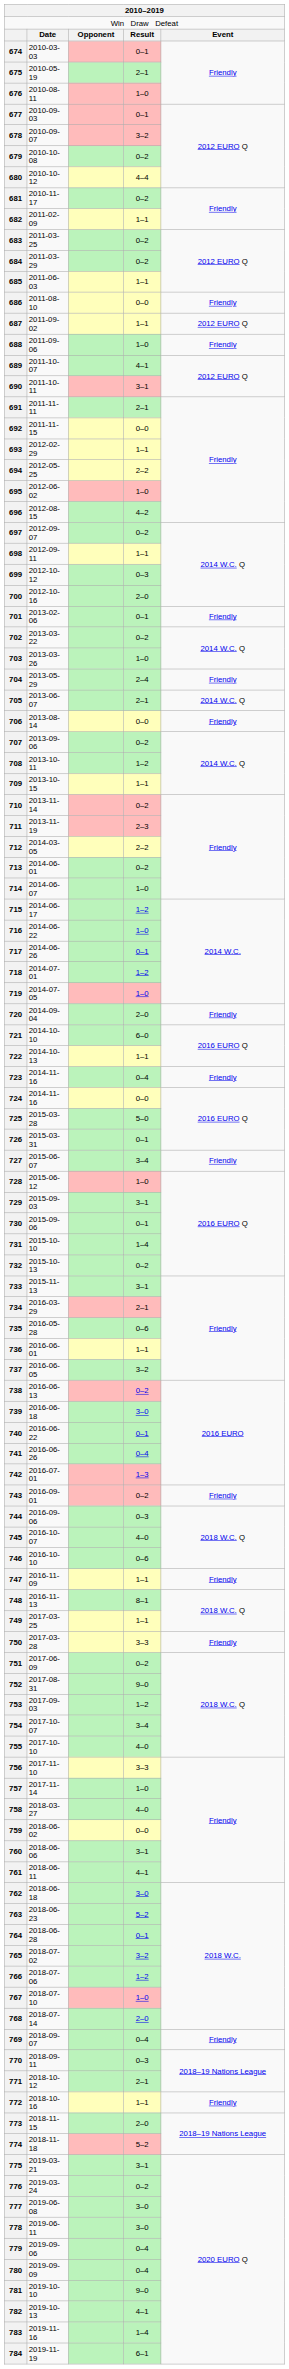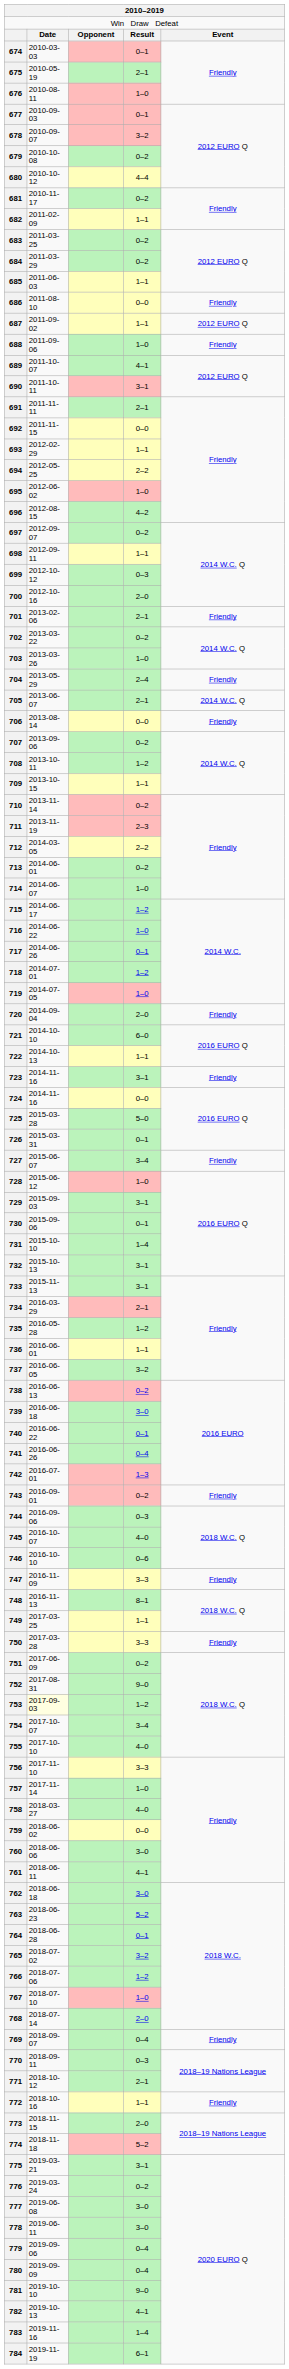 <table class="wikitable collapsible" style="font-size: 90%; min-width: 520px">
 <tr>
 <th colspan="5" width="400">2010–2019</th>
 </tr>
 <tr>
 <td align="center" colspan="5"> Win   Draw   Defeat</td>
 </tr>
 <tr>
 <th></th>
 <th width=70>Date</th>
 <th>Opponent</th>
 <th>Result</th>
 <th>Event</th>
 </tr>
 <tr>
 <th>674</th>
 <td>2010-03-03</td>
 <td bgcolor="#ffbbbb"></td>
 <td bgcolor="#ffbbbb" align="center">0–1</td>
 <td align="center" rowspan="3"><a href='#'>Friendly</a></td>
 </tr>
 <tr>
 <th>675</th>
 <td>2010-05-19</td>
 <td bgcolor="#bbf3bb"></td>
 <td bgcolor="#bbf3bb" align="center">2–1</td>
 </tr>
 <tr>
 <th>676</th>
 <td>2010-08-11</td>
 <td bgcolor="#ffbbbb"></td>
 <td bgcolor="#ffbbbb" align="center">1–0</td>
 </tr>
 <tr>
 <th>677</th>
 <td>2010-09-03</td>
 <td bgcolor="#ffbbbb"></td>
 <td bgcolor="#ffbbbb" align="center">0–1</td>
 <td align="center" rowspan="4">  <a href='#'>2012 EURO</a> Q</td>
 </tr>
 <tr>
 <th>678</th>
 <td>2010-09-07</td>
 <td bgcolor="#ffbbbb"></td>
 <td bgcolor="#ffbbbb" align="center">3–2</td>
 </tr>
 <tr>
 <th>679</th>
 <td>2010-10-08</td>
 <td bgcolor="#bbf3bb"></td>
 <td bgcolor="#bbf3bb" align="center">0–2</td>
 </tr>
 <tr>
 <th>680</th>
 <td>2010-10-12</td>
 <td bgcolor="#ffffbb"></td>
 <td bgcolor="#ffffbb" align="center">4–4</td>
 </tr>
 <tr>
 <th>681</th>
 <td>2010-11-17</td>
 <td bgcolor="#bbf3bb"></td>
 <td bgcolor="#bbf3bb" align="center">0–2</td>
 <td align="center" rowspan="2"><a href='#'>Friendly</a></td>
 </tr>
 <tr>
 <th>682</th>
 <td>2011-02-09</td>
 <td bgcolor="#ffffbb"></td>
 <td bgcolor="#ffffbb" align="center">1–1</td>
 </tr>
 <tr>
 <th>683</th>
 <td>2011-03-25</td>
 <td bgcolor="#bbf3bb"></td>
 <td bgcolor="#bbf3bb" align="center">0–2</td>
 <td align="center" rowspan="3">  <a href='#'>2012 EURO</a> Q</td>
 </tr>
 <tr>
 <th>684</th>
 <td>2011-03-29</td>
 <td bgcolor="#bbf3bb"></td>
 <td bgcolor="#bbf3bb" align="center">0–2</td>
 </tr>
 <tr>
 <th>685</th>
 <td>2011-06-03</td>
 <td bgcolor="#ffffbb"></td>
 <td bgcolor="#ffffbb" align="center">1–1</td>
 </tr>
 <tr>
 <th>686</th>
 <td>2011-08-10</td>
 <td bgcolor="#ffffbb"></td>
 <td bgcolor="#ffffbb" align="center">0–0</td>
 <td align="center"><a href='#'>Friendly</a></td>
 </tr>
 <tr>
 <th>687</th>
 <td>2011-09-02</td>
 <td bgcolor="#ffffbb"></td>
 <td bgcolor="#ffffbb" align="center">1–1</td>
 <td align="center">  <a href='#'>2012 EURO</a> Q</td>
 </tr>
 <tr>
 <th>688</th>
 <td>2011-09-06</td>
 <td bgcolor="#bbf3bb"></td>
 <td bgcolor="#bbf3bb" align="center">1–0</td>
 <td align="center"><a href='#'>Friendly</a></td>
 </tr>
 <tr>
 <th>689</th>
 <td>2011-10-07</td>
 <td bgcolor="#bbf3bb"></td>
 <td bgcolor="#bbf3bb" align="center">4–1</td>
 <td align="center" rowspan="2">  <a href='#'>2012 EURO</a> Q</td>
 </tr>
 <tr>
 <th>690</th>
 <td>2011-10-11</td>
 <td bgcolor="#ffbbbb"></td>
 <td bgcolor="#ffbbbb" align="center">3–1</td>
 </tr>
 <tr>
 <th>691</th>
 <td>2011-11-11</td>
 <td bgcolor="#bbf3bb"></td>
 <td bgcolor="#bbf3bb" align="center">2–1</td>
 <td align="center" rowspan="6"><a href='#'>Friendly</a></td>
 </tr>
 <tr>
 <th>692</th>
 <td>2011-11-15</td>
 <td bgcolor="#ffffbb"></td>
 <td bgcolor="#ffffbb" align="center">0–0</td>
 </tr>
 <tr>
 <th>693</th>
 <td>2012-02-29</td>
 <td bgcolor="#ffffbb"></td>
 <td bgcolor="#ffffbb" align="center">1–1</td>
 </tr>
 <tr>
 <th>694</th>
 <td>2012-05-25</td>
 <td bgcolor="#ffffbb"></td>
 <td bgcolor="#ffffbb" align="center">2–2</td>
 </tr>
 <tr>
 <th>695</th>
 <td>2012-06-02</td>
 <td bgcolor="#ffbbbb"></td>
 <td bgcolor="#ffbbbb" align="center">1–0</td>
 </tr>
 <tr>
 <th>696</th>
 <td>2012-08-15</td>
 <td bgcolor="#bbf3bb"></td>
 <td bgcolor="#bbf3bb" align="center">4–2</td>
 </tr>
 <tr>
 <th>697</th>
 <td>2012-09-07</td>
 <td bgcolor="#bbf3bb"></td>
 <td bgcolor="#bbf3bb" align="center">0–2</td>
 <td align="center" rowspan="4"> <a href='#'>2014 W.C.</a> Q</td>
 </tr>
 <tr>
 <th>698</th>
 <td>2012-09-11</td>
 <td bgcolor="#ffffbb"></td>
 <td bgcolor="#ffffbb" align="center">1–1</td>
 </tr>
 <tr>
 <th>699</th>
 <td>2012-10-12</td>
 <td bgcolor="#bbf3bb"></td>
 <td bgcolor="#bbf3bb" align="center">0–3</td>
 </tr>
 <tr>
 <th>700</th>
 <td>2012-10-16</td>
 <td bgcolor="#bbf3bb"></td>
 <td bgcolor="#bbf3bb" align="center">2–0</td>
 </tr>
 <tr>
 <th>701</th>
 <td>2013-02-06</td>
 <td bgcolor="#bbf3bb"></td>
-<td bgcolor="#bbf3bb" align="center">0–1</td>
+<td bgcolor="#bbf3bb" align="center">2–1</td>
 <td align="center" rowspan="1"><a href='#'>Friendly</a></td>
 </tr>
 <tr>
 <th>702</th>
 <td>2013-03-22</td>
 <td bgcolor="#bbf3bb"></td>
 <td bgcolor="#bbf3bb" align="center">0–2</td>
 <td align="center" rowspan="2"> <a href='#'>2014 W.C.</a> Q</td>
 </tr>
 <tr>
 <th>703</th>
 <td>2013-03-26</td>
 <td bgcolor="#bbf3bb"></td>
 <td bgcolor="#bbf3bb" align="center">1–0</td>
 </tr>
 <tr>
 <th>704</th>
 <td>2013-05-29</td>
 <td bgcolor="#bbf3bb"></td>
 <td bgcolor="#bbf3bb" align="center">2–4</td>
 <td align="center"><a href='#'>Friendly</a></td>
 </tr>
 <tr>
 <th>705</th>
 <td>2013-06-07</td>
 <td bgcolor="#bbf3bb"></td>
 <td bgcolor="#bbf3bb" align="center">2–1</td>
 <td align="center"> <a href='#'>2014 W.C.</a> Q</td>
 </tr>
 <tr>
 <th>706</th>
 <td>2013-08-14</td>
 <td bgcolor="#ffffbb"></td>
 <td bgcolor="#ffffbb" align="center">0–0</td>
 <td align="center"><a href='#'>Friendly</a></td>
 </tr>
 <tr>
 <th>707</th>
 <td>2013-09-06</td>
 <td bgcolor="#bbf3bb"></td>
 <td bgcolor="#bbf3bb" align="center">0–2</td>
 <td align="center" rowspan="3"> <a href='#'>2014 W.C.</a> Q</td>
 </tr>
 <tr>
 <th>708</th>
 <td>2013-10-11</td>
 <td bgcolor="#bbf3bb"></td>
 <td bgcolor="#bbf3bb" align="center">1–2</td>
 </tr>
 <tr>
 <th>709</th>
 <td>2013-10-15</td>
 <td bgcolor="#ffffbb"></td>
 <td bgcolor="#ffffbb" align="center">1–1</td>
 </tr>
 <tr>
 <th>710</th>
 <td>2013-11-14</td>
 <td bgcolor="#ffbbbb"></td>
 <td bgcolor="#ffbbbb" align="center">0–2</td>
 <td align="center" rowspan="5"><a href='#'>Friendly</a></td>
 </tr>
 <tr>
 <th>711</th>
 <td>2013-11-19</td>
 <td bgcolor="#ffbbbb"></td>
 <td bgcolor="#ffbbbb" align="center">2–3</td>
 </tr>
 <tr>
 <th>712</th>
 <td>2014-03-05</td>
 <td bgcolor="#ffffbb"></td>
 <td bgcolor="#ffffbb" align="center">2–2</td>
 </tr>
 <tr>
 <th>713</th>
 <td>2014-06-01</td>
 <td bgcolor="#bbf3bb"></td>
 <td bgcolor="#bbf3bb" align="center">0–2</td>
 </tr>
 <tr>
 <th>714</th>
 <td>2014-06-07</td>
 <td bgcolor="#bbf3bb"></td>
 <td bgcolor="#bbf3bb" align="center">1–0</td>
 </tr>
 <tr>
 <th>715</th>
 <td>2014-06-17</td>
 <td bgcolor="#bbf3bb"></td>
 <td bgcolor="#bbf3bb" align="center"><a href='#'>1–2</a></td>
 <td align="center" rowspan="5"> <a href='#'>2014 W.C.</a></td>
 </tr>
 <tr>
 <th>716</th>
 <td>2014-06-22</td>
 <td bgcolor="#bbf3bb"></td>
 <td bgcolor="#bbf3bb" align="center"><a href='#'>1–0</a></td>
 </tr>
 <tr>
 <th>717</th>
 <td>2014-06-26</td>
 <td bgcolor="#bbf3bb"></td>
 <td bgcolor="#bbf3bb" align="center"><a href='#'>0–1</a></td>
 </tr>
 <tr>
 <th>718</th>
 <td>2014-07-01</td>
 <td bgcolor="#bbf3bb"></td>
 <td bgcolor="#bbf3bb" align="center"><a href='#'>1–2</a></td>
 </tr>
 <tr>
 <th>719</th>
 <td>2014-07-05</td>
 <td bgcolor="#ffbbbb"></td>
 <td bgcolor="#ffbbbb" align="center"><a href='#'>1–0</a></td>
 </tr>
 <tr>
 <th>720</th>
 <td>2014-09-04</td>
 <td bgcolor="#bbf3bb"></td>
 <td bgcolor="#bbf3bb" align="center">2–0</td>
 <td align="center"><a href='#'>Friendly</a></td>
 </tr>
 <tr>
 <th>721</th>
 <td>2014-10-10</td>
 <td bgcolor="#bbf3bb"></td>
 <td bgcolor="#bbf3bb" align="center">6–0</td>
 <td align="center" rowspan="2"> <a href='#'>2016 EURO</a> Q</td>
 </tr>
 <tr>
 <th>722</th>
 <td>2014-10-13</td>
 <td bgcolor="#ffffbb"></td>
 <td bgcolor="#ffffbb" align="center">1–1</td>
 </tr>
 <tr>
 <th>723</th>
 <td>2014-11-16</td>
 <td bgcolor="#bbf3bb"></td>
-<td bgcolor="#bbf3bb" align="center">0–4</td>
+<td bgcolor="#bbf3bb" align="center">3–1</td>
 <td align="center"><a href='#'>Friendly</a></td>
 </tr>
 <tr>
 <th>724</th>
 <td>2014-11-16</td>
 <td bgcolor="#ffffbb"></td>
 <td bgcolor="#ffffbb" align="center">0–0</td>
 <td align="center" rowspan="3"> <a href='#'>2016 EURO</a> Q</td>
 </tr>
 <tr>
 <th>725</th>
 <td>2015-03-28</td>
 <td bgcolor="#bbf3bb"></td>
 <td bgcolor="#bbf3bb" align="center">5–0</td>
 </tr>
 <tr>
 <th>726</th>
 <td>2015-03-31</td>
 <td bgcolor="#bbf3bb"></td>
 <td bgcolor="#bbf3bb" align="center">0–1</td>
 </tr>
 <tr>
 <th>727</th>
 <td>2015-06-07</td>
 <td bgcolor="#bbf3bb"></td>
 <td bgcolor="#bbf3bb" align="center">3–4</td>
 <td align="center"><a href='#'>Friendly</a></td>
 </tr>
 <tr>
 <th>728</th>
 <td>2015-06-12</td>
 <td bgcolor="#ffbbbb"></td>
 <td bgcolor="#ffbbbb" align="center">1–0</td>
 <td align="center" rowspan="5"> <a href='#'>2016 EURO</a> Q</td>
 </tr>
 <tr>
 <th>729</th>
 <td>2015-09-03</td>
 <td bgcolor="#bbf3bb"></td>
 <td bgcolor="#bbf3bb" align="center">3–1</td>
 </tr>
 <tr>
 <th>730</th>
 <td>2015-09-06</td>
 <td bgcolor="#bbf3bb"></td>
 <td bgcolor="#bbf3bb" align="center">0–1</td>
 </tr>
 <tr>
 <th>731</th>
 <td>2015-10-10</td>
 <td bgcolor="#bbf3bb"></td>
 <td bgcolor="#bbf3bb" align="center">1–4</td>
 </tr>
 <tr>
 <th>732</th>
 <td>2015-10-13</td>
 <td bgcolor="#bbf3bb"></td>
-<td bgcolor="#bbf3bb" align="center">0–2</td>
+<td bgcolor="#bbf3bb" align="center">3–1</td>
 </tr>
 <tr>
 <th>733</th>
 <td>2015-11-13</td>
 <td bgcolor="#bbf3bb"></td>
 <td bgcolor="#bbf3bb" align="center">3–1</td>
 <td align="center" rowspan="5"><a href='#'>Friendly</a></td>
 </tr>
 <tr>
 <th>734</th>
 <td>2016-03-29</td>
 <td bgcolor="#ffbbbb"></td>
 <td bgcolor="#ffbbbb" align="center">2–1</td>
 </tr>
 <tr>
 <th>735</th>
 <td>2016-05-28</td>
 <td bgcolor="#bbf3bb"></td>
-<td bgcolor="#bbf3bb" align="center">0–6</td>
+<td bgcolor="#bbf3bb" align="center">1–2</td>
 </tr>
 <tr>
 <th>736</th>
 <td>2016-06-01</td>
 <td bgcolor="#ffffbb"></td>
 <td bgcolor="#ffffbb" align="center">1–1</td>
 </tr>
 <tr>
 <th>737</th>
 <td>2016-06-05</td>
 <td bgcolor="#bbf3bb"></td>
 <td bgcolor="#bbf3bb" align="center">3–2</td>
 </tr>
 <tr>
 <th>738</th>
 <td>2016-06-13</td>
 <td bgcolor="#ffbbbb"></td>
 <td bgcolor="#ffbbbb" align="center"><a href='#'>0–2</a></td>
 <td align="center" rowspan="5"> <a href='#'>2016 EURO</a></td>
 </tr>
 <tr>
 <th>739</th>
 <td>2016-06-18</td>
 <td bgcolor="#bbf3bb"></td>
 <td bgcolor="#bbf3bb" align="center"><a href='#'>3–0</a></td>
 </tr>
 <tr>
 <th>740</th>
 <td>2016-06-22</td>
 <td bgcolor="#bbf3bb"></td>
 <td bgcolor="#bbf3bb" align="center"><a href='#'>0–1</a></td>
 </tr>
 <tr>
 <th>741</th>
 <td>2016-06-26</td>
 <td bgcolor="#bbf3bb"></td>
 <td bgcolor="#bbf3bb" align="center"><a href='#'>0–4</a></td>
 </tr>
 <tr>
 <th>742</th>
 <td>2016-07-01</td>
 <td bgcolor="#ffbbbb"></td>
 <td bgcolor="#ffbbbb" align="center"><a href='#'>1–3</a></td>
 </tr>
 <tr>
 <th>743</th>
 <td>2016-09-01</td>
 <td bgcolor="#ffbbbb"></td>
 <td bgcolor="#ffbbbb" align="center">0–2</td>
 <td align="center"><a href='#'>Friendly</a></td>
 </tr>
 <tr>
 <th>744</th>
 <td>2016-09-06</td>
 <td bgcolor="#bbf3bb"></td>
 <td bgcolor="#bbf3bb" align="center">0–3</td>
 <td align="center" rowspan="3"> <a href='#'>2018 W.C.</a> Q</td>
 </tr>
 <tr>
 <th>745</th>
 <td>2016-10-07</td>
 <td bgcolor="#bbf3bb"></td>
 <td bgcolor="#bbf3bb" align="center">4–0</td>
 </tr>
 <tr>
 <th>746</th>
 <td>2016-10-10</td>
 <td bgcolor="#bbf3bb"></td>
 <td bgcolor="#bbf3bb" align="center">0–6</td>
 </tr>
 <tr>
 <th>747</th>
 <td>2016-11-09</td>
 <td bgcolor="#ffffbb"></td>
-<td bgcolor="#ffffbb" align="center">1–1</td>
+<td bgcolor="#ffffbb" align="center">3–3</td>
 <td align="center" rowspan="1"><a href='#'>Friendly</a></td>
 </tr>
 <tr>
 <th>748</th>
 <td>2016-11-13</td>
 <td bgcolor="#bbf3bb"></td>
 <td bgcolor="#bbf3bb" align="center">8–1</td>
 <td align="center" rowspan="2"> <a href='#'>2018 W.C.</a> Q</td>
 </tr>
 <tr>
 <th>749</th>
 <td>2017-03-25</td>
 <td bgcolor="#ffffbb"></td>
 <td bgcolor="#ffffbb" align="center">1–1</td>
 </tr>
 <tr>
 <th>750</th>
 <td>2017-03-28</td>
 <td bgcolor="#ffffbb"></td>
 <td bgcolor="#ffffbb" align="center">3–3</td>
 <td align="center"><a href='#'>Friendly</a></td>
 </tr>
 <tr>
 <th>751</th>
 <td>2017-06-09</td>
 <td bgcolor="#bbf3bb"></td>
 <td bgcolor="#bbf3bb" align="center">0–2</td>
 <td align="center" rowspan="5"> <a href='#'>2018 W.C.</a> Q</td>
 </tr>
 <tr>
 <th>752</th>
 <td>2017-08-31</td>
 <td bgcolor="#bbf3bb"></td>
 <td bgcolor="#bbf3bb" align="center">9–0</td>
 </tr>
 <tr>
 <th>753</th>
-<td>2017-09-03</td>
+<td style="background: lightyellow;">2017-09-03</td>
 <td bgcolor="#bbf3bb"></td>
 <td bgcolor="#bbf3bb" align="center">1–2</td>
 </tr>
 <tr>
 <th>754</th>
 <td>2017-10-07</td>
 <td bgcolor="#bbf3bb"></td>
 <td bgcolor="#bbf3bb" align="center">3–4</td>
 </tr>
 <tr>
 <th>755</th>
 <td>2017-10-10</td>
 <td bgcolor="#bbf3bb"></td>
 <td bgcolor="#bbf3bb" align="center">4–0</td>
 </tr>
 <tr>
 <th>756</th>
 <td>2017-11-10</td>
 <td bgcolor="#ffffbb"></td>
 <td bgcolor="#ffffbb" align="center">3–3</td>
 <td align="center" rowspan="6"><a href='#'>Friendly</a></td>
 </tr>
 <tr>
 <th>757</th>
 <td>2017-11-14</td>
 <td bgcolor="#bbf3bb"></td>
 <td bgcolor="#bbf3bb" align="center">1–0</td>
 </tr>
 <tr>
 <th>758</th>
 <td>2018-03-27</td>
 <td bgcolor="#bbf3bb"></td>
 <td bgcolor="#bbf3bb" align="center">4–0</td>
 </tr>
 <tr>
 <th>759</th>
 <td>2018-06-02</td>
 <td bgcolor="#ffffbb"></td>
 <td bgcolor="#ffffbb" align="center">0–0</td>
 </tr>
 <tr>
 <th>760</th>
 <td>2018-06-06</td>
 <td bgcolor="#bbf3bb"></td>
-<td bgcolor="#bbf3bb" align="center">3–1</td>
+<td bgcolor="#bbf3bb" align="center">3–0</td>
 </tr>
 <tr>
 <th>761</th>
 <td>2018-06-11</td>
 <td bgcolor="#bbf3bb"></td>
 <td bgcolor="#bbf3bb" align="center">4–1</td>
 </tr>
 <tr>
 <th>762</th>
 <td>2018-06-18</td>
 <td bgcolor="#bbf3bb"></td>
 <td bgcolor="#bbf3bb" align="center"><a href='#'>3–0</a></td>
 <td align="center" rowspan="7"> <a href='#'>2018 W.C.</a></td>
 </tr>
 <tr>
 <th>763</th>
 <td>2018-06-23</td>
 <td bgcolor="#bbf3bb"></td>
 <td bgcolor="#bbf3bb" align="center"><a href='#'>5–2</a></td>
 </tr>
 <tr>
 <th>764</th>
 <td>2018-06-28</td>
 <td bgcolor="#bbf3bb"></td>
 <td bgcolor="#bbf3bb" align="center"><a href='#'>0–1</a></td>
 </tr>
 <tr>
 <th>765</th>
 <td>2018-07-02</td>
 <td bgcolor="#bbf3bb"></td>
 <td bgcolor="#bbf3bb" align="center"><a href='#'>3–2</a></td>
 </tr>
 <tr>
 <th>766</th>
 <td>2018-07-06</td>
 <td bgcolor="#bbf3bb"></td>
 <td bgcolor="#bbf3bb" align="center"><a href='#'>1–2</a></td>
 </tr>
 <tr>
 <th>767</th>
 <td>2018-07-10</td>
 <td bgcolor="#ffbbbb"></td>
 <td bgcolor="#ffbbbb" align="center"><a href='#'>1–0</a></td>
 </tr>
 <tr>
 <th>768</th>
 <td>2018-07-14</td>
 <td bgcolor="#bbf3bb"></td>
 <td bgcolor="#bbf3bb" align="center"><a href='#'>2–0</a></td>
 </tr>
 <tr>
 <th>769</th>
 <td>2018-09-07</td>
 <td bgcolor="#bbf3bb"></td>
 <td bgcolor="#bbf3bb" align="center">0–4</td>
 <td align="center"><a href='#'>Friendly</a></td>
 </tr>
 <tr>
 <th>770</th>
 <td>2018-09-11</td>
 <td bgcolor="#bbf3bb"></td>
 <td bgcolor="#bbf3bb" align="center">0–3</td>
 <td align="center" rowspan="2"><a href='#'>2018–19 Nations League</a></td>
 </tr>
 <tr>
 <th>771</th>
 <td>2018-10-12</td>
 <td bgcolor="#bbf3bb"></td>
 <td bgcolor="#bbf3bb" align="center">2–1</td>
 </tr>
 <tr>
 <th>772</th>
 <td>2018-10-16</td>
 <td bgcolor="#ffffbb"></td>
 <td bgcolor="#ffffbb" align="center">1–1</td>
 <td align="center"><a href='#'>Friendly</a></td>
 </tr>
 <tr>
 <th>773</th>
 <td>2018-11-15</td>
 <td bgcolor="#bbf3bb"></td>
 <td bgcolor="#bbf3bb" align="center">2–0</td>
 <td align="center" rowspan="2"><a href='#'>2018–19 Nations League</a></td>
 </tr>
 <tr>
 <th>774</th>
 <td>2018-11-18</td>
 <td bgcolor="#ffbbbb"></td>
 <td bgcolor="#ffbbbb" align="center">5–2</td>
 </tr>
 <tr>
 <th>775</th>
 <td>2019-03-21</td>
 <td bgcolor="#bbf3bb"></td>
 <td bgcolor="#bbf3bb" align="center">3–1</td>
 <td align="center" rowspan="10"> <a href='#'>2020 EURO</a> Q</td>
 </tr>
 <tr>
 <th>776</th>
 <td>2019-03-24</td>
 <td bgcolor="#bbf3bb"></td>
 <td bgcolor="#bbf3bb" align="center">0–2</td>
 </tr>
 <tr>
 <th>777</th>
 <td>2019-06-08</td>
 <td bgcolor="#bbf3bb"></td>
 <td bgcolor="#bbf3bb" align="center">3–0</td>
 </tr>
 <tr>
 <th>778</th>
 <td>2019-06-11</td>
 <td bgcolor="#bbf3bb"></td>
 <td bgcolor="#bbf3bb" align="center">3–0</td>
 </tr>
 <tr>
 <th>779</th>
 <td>2019-09-06</td>
 <td bgcolor="#bbf3bb"></td>
 <td bgcolor="#bbf3bb" align="center">0–4</td>
 </tr>
 <tr>
 <th>780</th>
 <td>2019-09-09</td>
 <td bgcolor="#bbf3bb"></td>
 <td bgcolor="#bbf3bb" align="center">0–4</td>
 </tr>
 <tr>
 <th>781</th>
 <td>2019-10-10</td>
 <td bgcolor="#bbf3bb"></td>
 <td bgcolor="#bbf3bb" align="center">9–0</td>
 </tr>
 <tr>
 <th>782</th>
 <td>2019-10-13</td>
 <td bgcolor="#bbf3bb"></td>
 <td bgcolor="#bbf3bb" align="center">4–1</td>
 </tr>
 <tr>
 <th>783</th>
 <td>2019-11-16</td>
 <td bgcolor="#bbf3bb"></td>
 <td bgcolor="#bbf3bb" align="center">1–4</td>
 </tr>
 <tr>
 <th>784</th>
 <td>2019-11-19</td>
 <td bgcolor="#bbf3bb"></td>
 <td bgcolor="#bbf3bb" align="center">6–1</td>
 </tr>
 </table>
